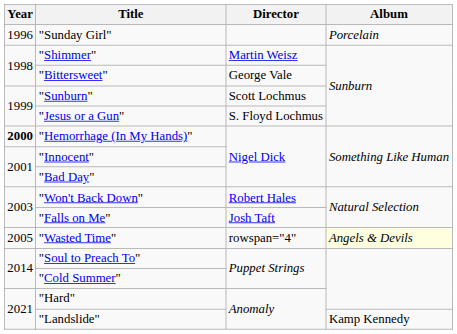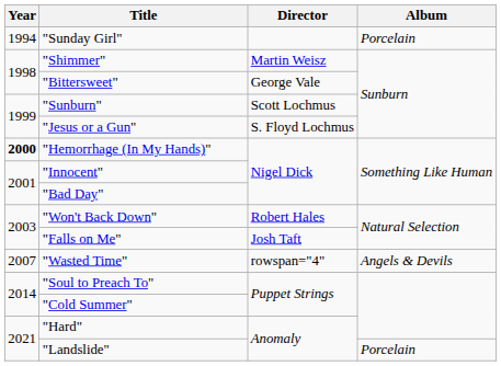 <table class="wikitable">
 <tr>
 <th>Year</th>
 <th style="width:230px; text-align:center;">Title</th>
 <th>Director</th>
 <th>Album</th>
 </tr>
 <tr>
-<td>1996</td>
+<td>1994</td>
 <td>"Sunday Girl"</td>
 <td></td>
 <td><em>Porcelain</em></td>
 </tr>
 <tr>
 <td rowspan="2">1998</td>
 <td>"<a href='#'>Shimmer</a>"</td>
 <td><a href='#'>Martin Weisz</a></td>
 <td rowspan="4"><em>Sunburn</em></td>
 </tr>
 <tr>
 <td>"<a href='#'>Bittersweet</a>"</td>
 <td>George Vale</td>
 </tr>
 <tr>
 <td rowspan="2">1999</td>
 <td>"<a href='#'>Sunburn</a>"</td>
 <td>Scott Lochmus</td>
 </tr>
 <tr>
 <td>"<a href='#'>Jesus or a Gun</a>"</td>
 <td>S. Floyd Lochmus</td>
 </tr>
 <tr>
 <td><strong>2000</strong></td>
 <td>"<a href='#'>Hemorrhage (In My Hands)</a>"</td>
 <td rowspan="3"><a href='#'>Nigel Dick</a></td>
 <td rowspan="3"><em>Something Like Human</em></td>
 </tr>
 <tr>
 <td rowspan="2">2001</td>
 <td>"<a href='#'>Innocent</a>"</td>
 </tr>
 <tr>
 <td>"<a href='#'>Bad Day</a>"</td>
 </tr>
 <tr>
 <td rowspan="2">2003</td>
 <td>"<a href='#'>Won't Back Down</a>"</td>
 <td><a href='#'>Robert Hales</a></td>
 <td rowspan="2"><em>Natural Selection</em></td>
 </tr>
 <tr>
 <td>"<a href='#'>Falls on Me</a>"</td>
 <td><a href='#'>Josh Taft</a></td>
 </tr>
 <tr>
-<td>2005</td>
+<td>2007</td>
 <td>"<a href='#'>Wasted Time</a>"</td>
 <td>rowspan="4" </td>
-<td style="background: lightyellow;"><em>Angels & Devils</em></td>
+<td><em>Angels & Devils</em></td>
 </tr>
 <tr>
 <td rowspan="2">2014</td>
 <td>"<a href='#'>Soul to Preach To</a>"</td>
 <td rowspan="2"><em>Puppet Strings</em></td>
 </tr>
 <tr>
 <td>"<a href='#'>Cold Summer</a>"</td>
 </tr>
 <tr>
 <td rowspan="2">2021</td>
 <td>"Hard"</td>
 <td rowspan="2"><em>Anomaly</em></td>
 </tr>
 <tr>
 <td>"Landslide"</td>
-<td>Kamp Kennedy</td>
+<td><em>Porcelain</em></td>
 </tr>
 </table>
